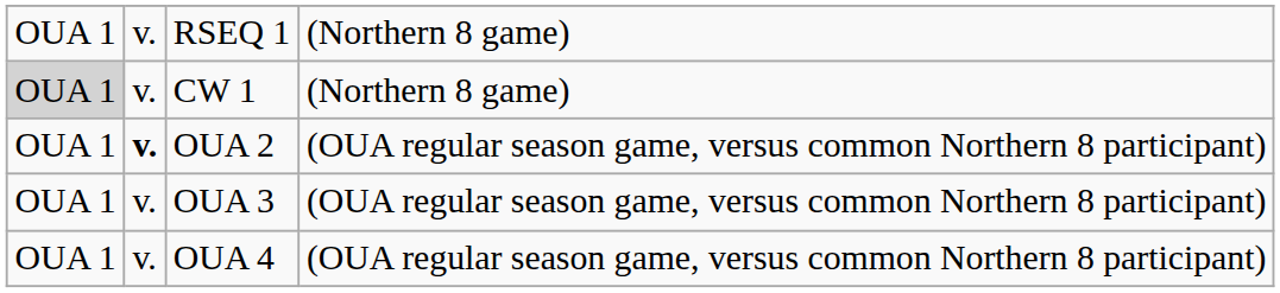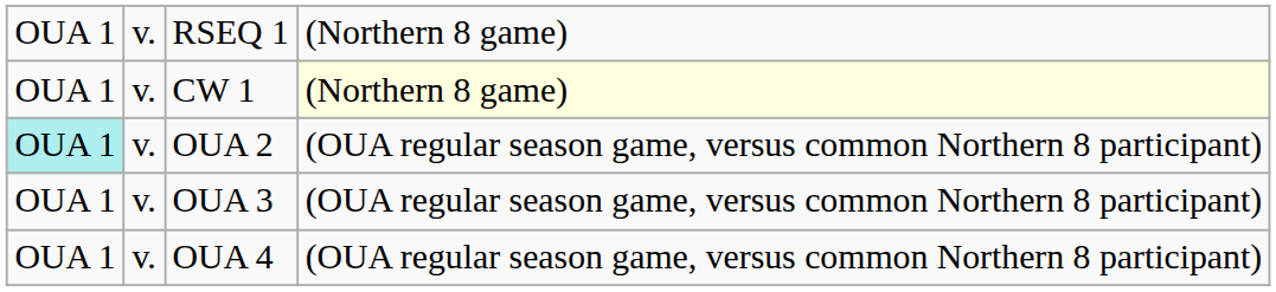 <table class="wikitable" style="margin:1em; clear:right; text-align:left; line-height:normal;">
 <tr>
 <td>OUA 1</td>
 <td>v.</td>
 <td>RSEQ 1</td>
 <td>(Northern 8 game)</td>
 </tr>
 <tr>
-<td style="background: lightgrey;">OUA 1</td>
+<td>OUA 1</td>
 <td>v.</td>
 <td>CW 1</td>
-<td>(Northern 8 game)</td>
+<td style="background: lightyellow;">(Northern 8 game)</td>
 </tr>
 <tr>
-<td>OUA 1</td>
-<td><strong>v.</strong></td>
+<td style="background: paleturquoise;">OUA 1</td>
+<td>v.</td>
 <td>OUA 2</td>
 <td>(OUA regular season game, versus common Northern 8 participant)</td>
 </tr>
 <tr>
 <td>OUA 1</td>
 <td>v.</td>
 <td>OUA 3</td>
 <td>(OUA regular season game, versus common Northern 8 participant)</td>
 </tr>
 <tr>
 <td>OUA 1</td>
 <td>v.</td>
 <td>OUA 4</td>
 <td>(OUA regular season game, versus common Northern 8 participant)</td>
 </tr>
 </table>
